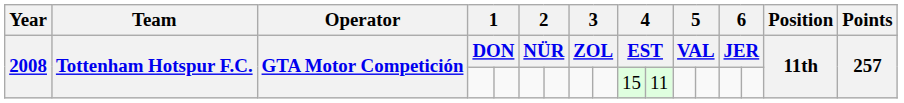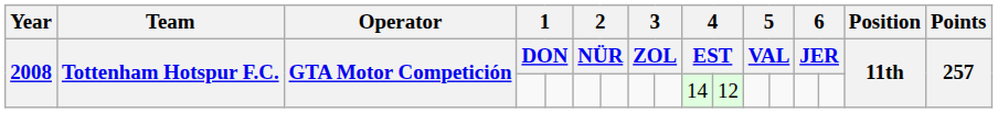 <table class="wikitable" style="text-align:center; font-size:85%">
 <tr>
 <th>Year</th>
 <th>Team</th>
 <th>Operator</th>
 <th colspan=2>1</th>
 <th colspan=2>2</th>
 <th colspan=2>3</th>
 <th colspan=2>4</th>
 <th colspan=2>5</th>
 <th colspan=2>6</th>
 <th>Position</th>
 <th>Points</th>
 </tr>
 <tr>
 <th rowspan=2><a href='#'>2008</a></th>
 <th rowspan=2><a href='#'>Tottenham Hotspur F.C.</a></th>
 <th rowspan=2><a href='#'>GTA Motor Competición</a></th>
 <th colspan=2><a href='#'>DON</a></th>
 <th colspan=2><a href='#'>NÜR</a></th>
 <th colspan=2><a href='#'>ZOL</a></th>
 <th colspan=2><a href='#'>EST</a></th>
 <th colspan=2><a href='#'>VAL</a></th>
 <th colspan=2><a href='#'>JER</a></th>
 <th rowspan=2>11th</th>
 <th rowspan=2>257</th>
 </tr>
 <tr>
 <td></td>
 <td></td>
 <td></td>
 <td></td>
 <td></td>
 <td></td>
-<td style="background:#dfffdf;">15</td>
-<td style="background:#dfffdf;">11</td>
+<td style="background:#dfffdf;">14</td>
+<td style="background:#dfffdf;">12</td>
 <td></td>
 <td></td>
 <td></td>
 <td></td>
 </tr>
 </table>
